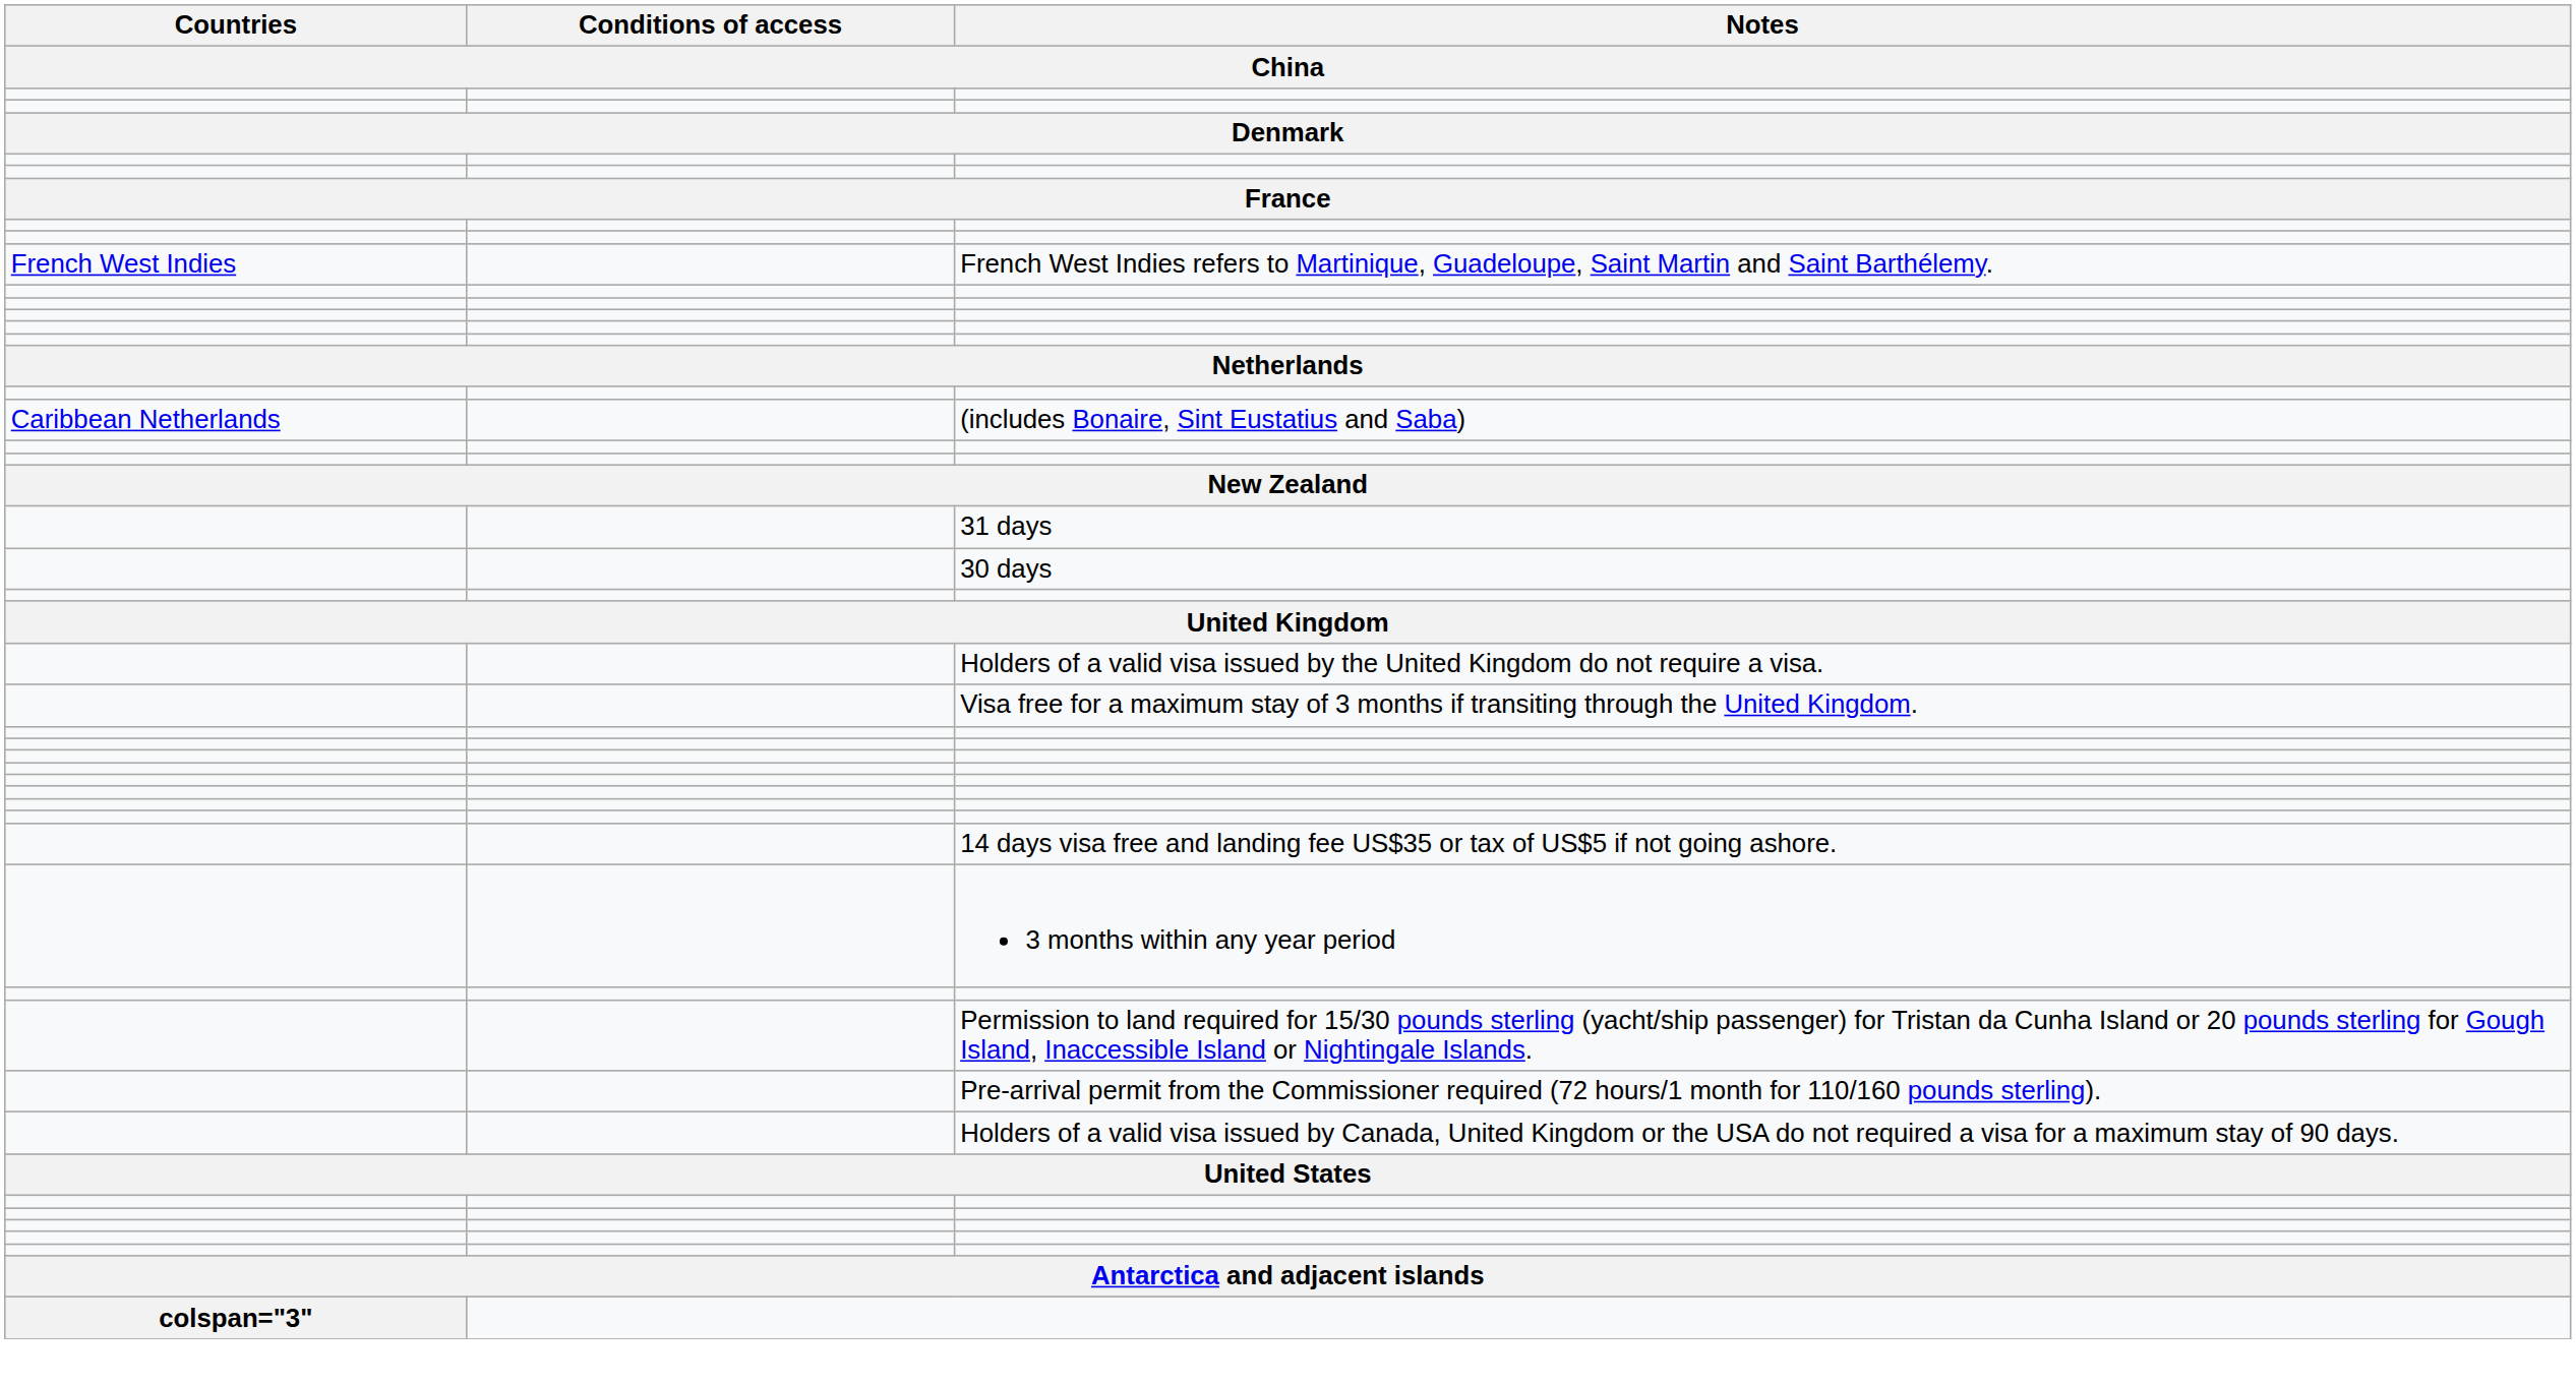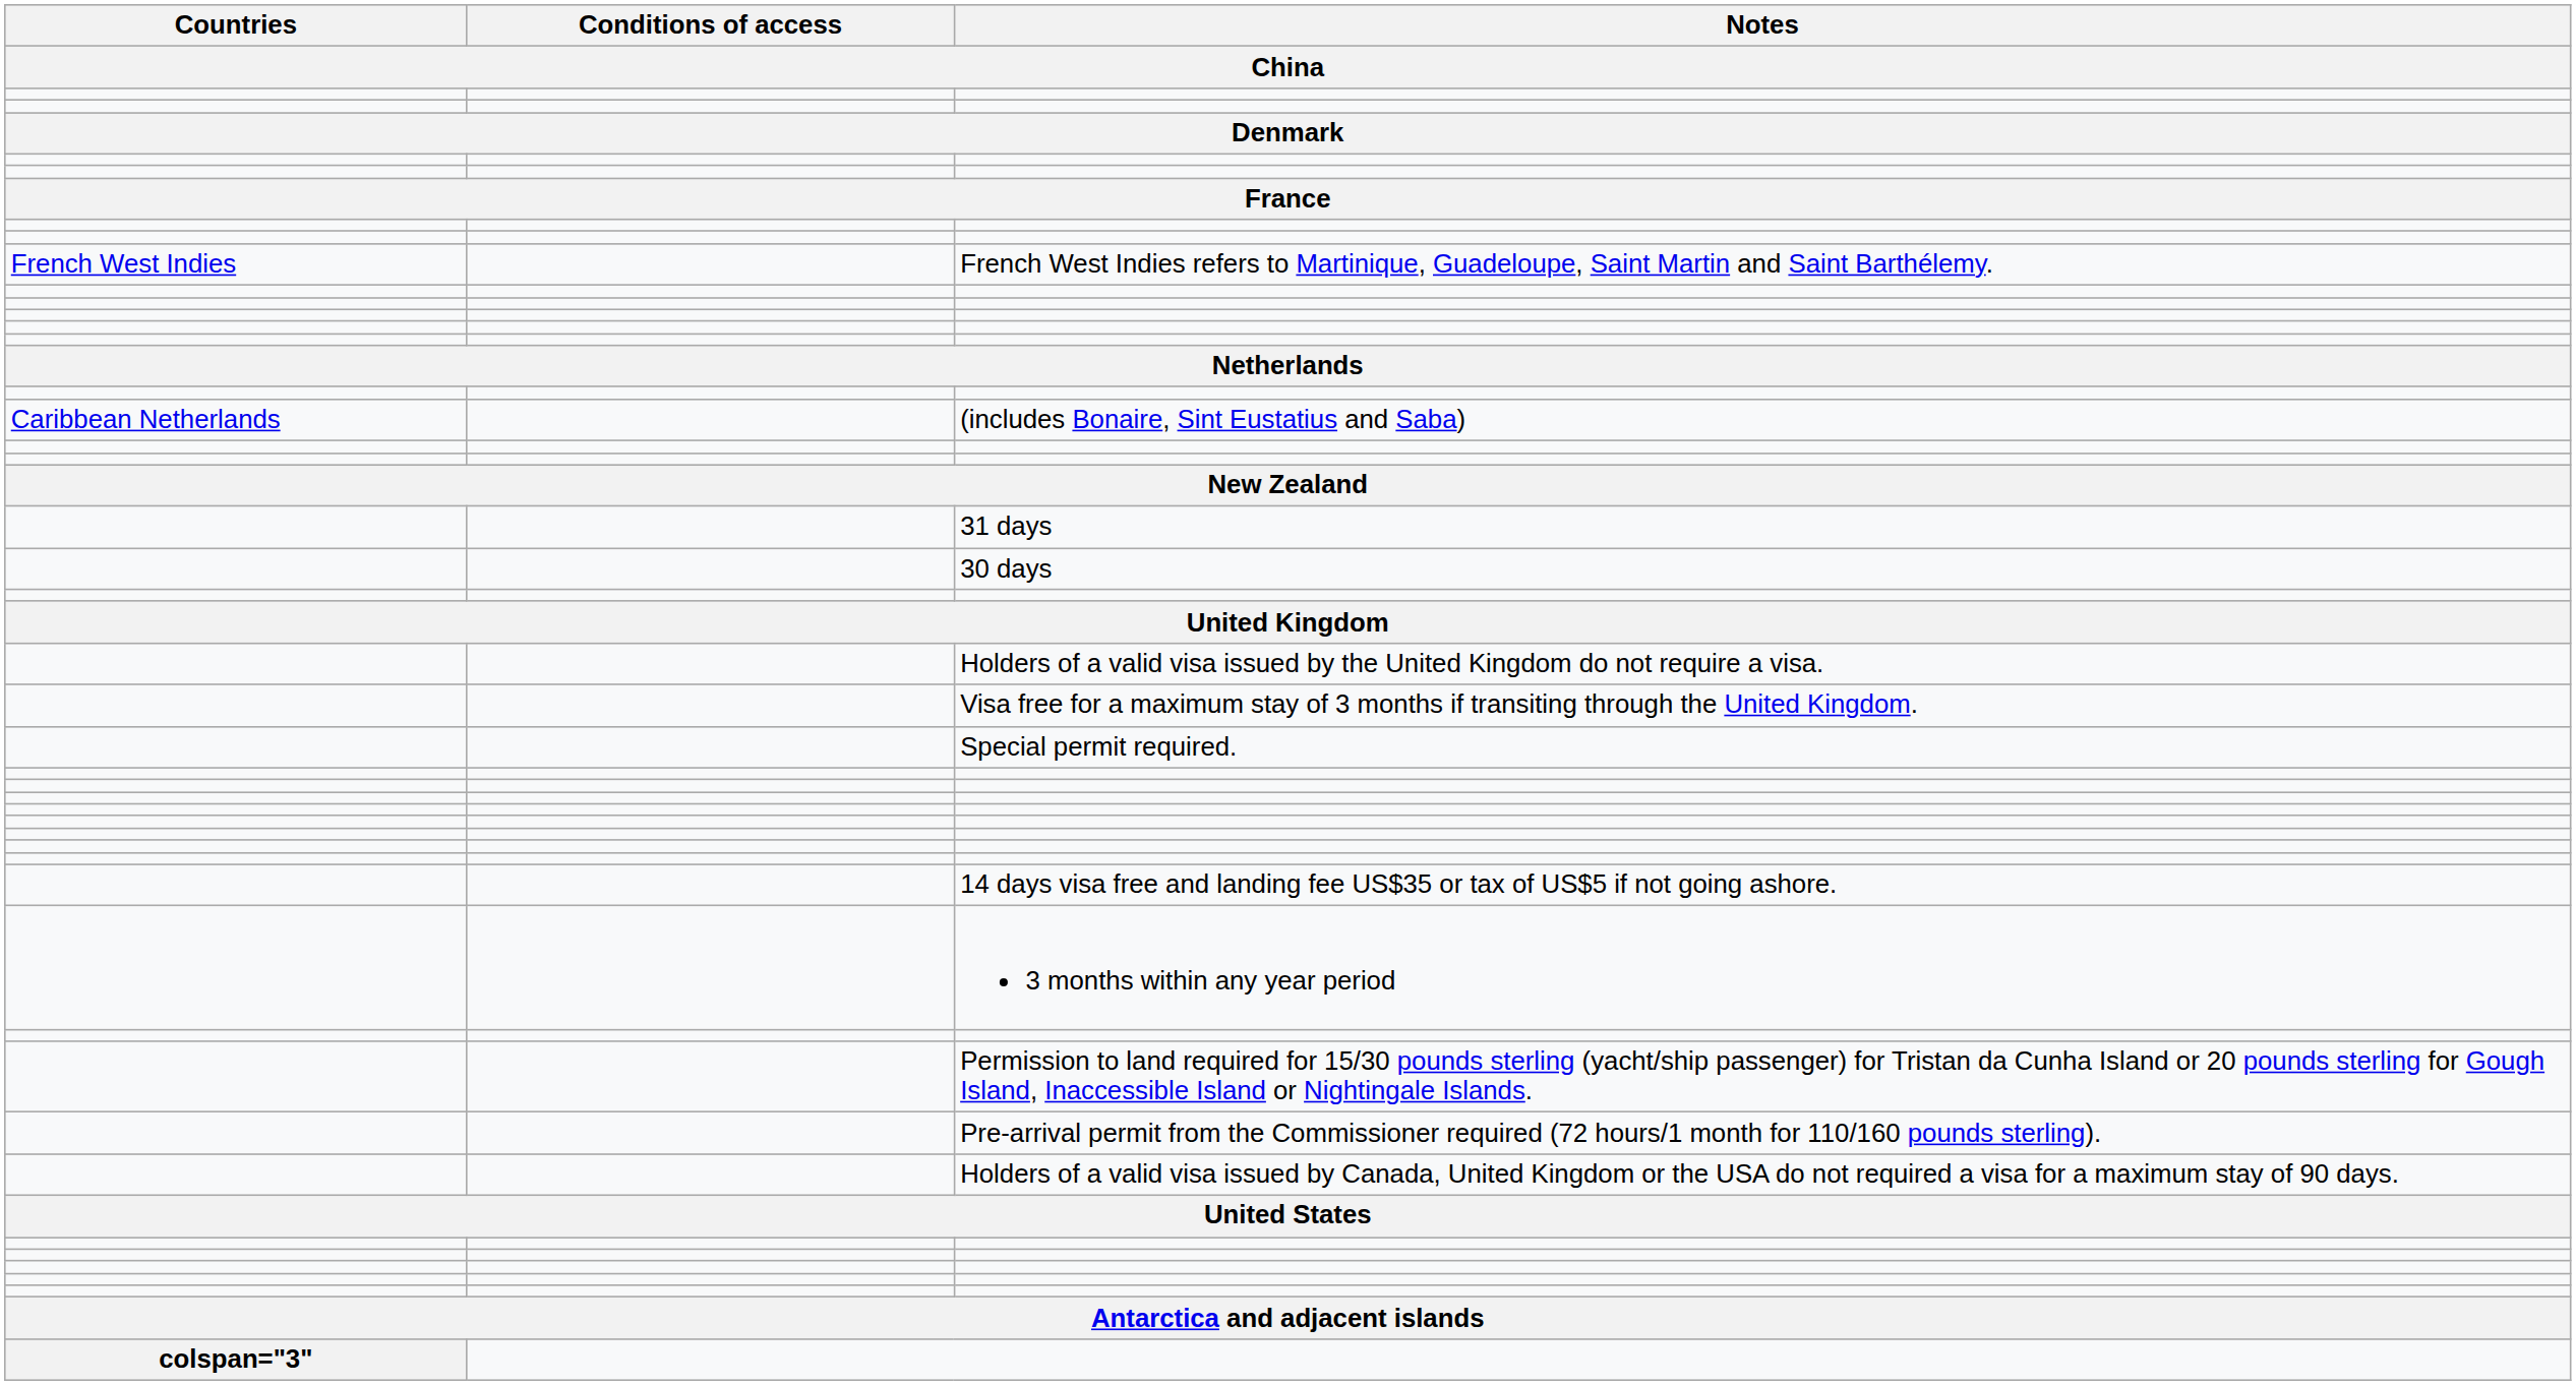 <table class="wikitable sortable sticky-header mw-datatable" style="text-align: left; table-layout: fixed;background:#f8f9faff; ">
 <tr>
 <th style="width:18%;">Countries</th>
 <th style="width:19%;">Conditions of access</th>
 <th>Notes</th>
 </tr>
 <tr>
 <th colspan="3">China</th>
 </tr>
 <tr>
 <td style="text-align: left;"></td>
 <td></td>
 <td></td>
 </tr>
 <tr>
 <td style="text-align: left;"></td>
 <td></td>
 <td></td>
 </tr>
 <tr>
 <th colspan="3">Denmark</th>
 </tr>
 <tr>
 <td style="text-align: left;"></td>
 <td></td>
 <td></td>
 </tr>
 <tr>
 <td style="text-align: left;"></td>
 <td></td>
 <td></td>
 </tr>
 <tr>
 <th colspan="3">France</th>
 </tr>
 <tr>
 <td style="text-align: left;"></td>
 <td></td>
 <td></td>
 </tr>
 <tr>
 <td style="text-align: left;"></td>
 <td></td>
 <td></td>
 </tr>
 <tr>
 <td style="text-align: left;"> <a href='#'>French West Indies</a></td>
 <td></td>
 <td>French West Indies refers to <a href='#'>Martinique</a>, <a href='#'>Guadeloupe</a>, <a href='#'>Saint Martin</a> and <a href='#'>Saint Barthélemy</a>.</td>
 </tr>
 <tr>
 <td style="text-align: left;"></td>
 <td></td>
 <td></td>
 </tr>
 <tr>
 <td style="text-align: left;"></td>
 <td></td>
 <td></td>
 </tr>
 <tr>
 <td style="text-align: left;"></td>
 <td></td>
 <td></td>
 </tr>
 <tr>
 <td style="text-align: left;"></td>
 <td></td>
 <td></td>
 </tr>
 <tr>
 <td style="text-align: left;"></td>
 <td></td>
 <td></td>
 </tr>
 <tr>
 <th colspan="3">Netherlands</th>
 </tr>
 <tr>
 <td style="text-align: left;"></td>
 <td></td>
 <td></td>
 </tr>
 <tr>
 <td style="text-align: left;"> <a href='#'>Caribbean Netherlands</a></td>
 <td></td>
 <td>(includes <a href='#'>Bonaire</a>, <a href='#'>Sint Eustatius</a> and <a href='#'>Saba</a>)</td>
 </tr>
 <tr>
 <td style="text-align: left;"></td>
 <td></td>
 <td></td>
 </tr>
 <tr>
 <td style="text-align: left;"></td>
 <td></td>
 <td></td>
 </tr>
 <tr>
 <th colspan="3">New Zealand</th>
 </tr>
 <tr>
 <td style="text-align: left;"></td>
 <td></td>
 <td>31 days</td>
 </tr>
 <tr>
 <td style="text-align: left;"></td>
 <td></td>
 <td>30 days</td>
 </tr>
 <tr>
 <td style="text-align: left;"></td>
 <td></td>
 <td></td>
 </tr>
 <tr>
 <th colspan="3">United Kingdom</th>
 </tr>
 <tr>
 <td style="text-align: left;"></td>
 <td></td>
 <td>Holders of a valid visa issued by the United Kingdom do not require a visa.</td>
 </tr>
 <tr>
 <td style="text-align: left;"></td>
 <td></td>
 <td>Visa free for a maximum stay of 3 months if transiting through the <a href='#'>United Kingdom</a>.</td>
 </tr>
 <tr>
 <td style="text-align: left;"></td>
 <td></td>
+<td>Special permit required.</td>
+</tr>
+<tr>
+<td style="text-align: left;"></td>
+<td></td>
 <td></td>
 </tr>
 <tr>
 <td style="text-align: left;"></td>
 <td></td>
 <td></td>
 </tr>
 <tr>
 <td style="text-align: left;"></td>
 <td></td>
 <td></td>
 </tr>
 <tr>
 <td style="text-align: left;"></td>
 <td></td>
 <td></td>
 </tr>
 <tr>
 <td style="text-align: left;"></td>
 <td></td>
 <td></td>
 </tr>
 <tr>
 <td style="text-align: left;"></td>
 <td></td>
 <td></td>
 </tr>
 <tr>
 <td style="text-align: left;"></td>
 <td></td>
 <td></td>
 </tr>
 <tr>
 <td style="text-align: left;"></td>
 <td></td>
 <td></td>
 </tr>
 <tr>
 <td style="text-align: left;"></td>
 <td></td>
 <td>14 days visa free and landing fee US$35 or tax of US$5 if not going ashore.</td>
 </tr>
 <tr>
 <td style="text-align: left;"></td>
 <td></td>
 <td><br><ul><li>3 months within any year period</li></ul></td>
 </tr>
 <tr>
 <td style="text-align: left;"></td>
 <td></td>
 <td></td>
 </tr>
 <tr>
 <td style="text-align: left;"></td>
 <td></td>
 <td>Permission to land required for 15/30 <a href='#'>pounds sterling</a> (yacht/ship passenger) for Tristan da Cunha Island or 20 <a href='#'>pounds sterling</a> for <a href='#'>Gough Island</a>, <a href='#'>Inaccessible Island</a> or <a href='#'>Nightingale Islands</a>.</td>
 </tr>
 <tr>
 <td style="text-align: left;"></td>
 <td></td>
 <td>Pre-arrival permit from the Commissioner required (72 hours/1 month for 110/160 <a href='#'>pounds sterling</a>).</td>
 </tr>
 <tr>
 <td style="text-align: left;"></td>
 <td></td>
 <td>Holders of a valid visa issued by Canada, United Kingdom or the USA do not required a visa for a maximum stay of 90 days.</td>
 </tr>
 <tr>
 <th colspan="3">United States</th>
 </tr>
 <tr>
 <td style="text-align: left;"></td>
 <td></td>
 <td></td>
 </tr>
 <tr>
 <td style="text-align: left;"></td>
 <td></td>
 <td></td>
 </tr>
 <tr>
 <td style="text-align: left;"></td>
 <td></td>
 <td></td>
 </tr>
 <tr>
 <td style="text-align: left;"></td>
 <td></td>
 <td></td>
 </tr>
 <tr>
 <td style="text-align: left;"></td>
 <td></td>
 <td></td>
 </tr>
 <tr>
 <th colspan="3"><a href='#'>Antarctica</a> and adjacent islands</th>
 </tr>
 <tr>
 <th>colspan="3" </th>
 </tr>
 </table>
